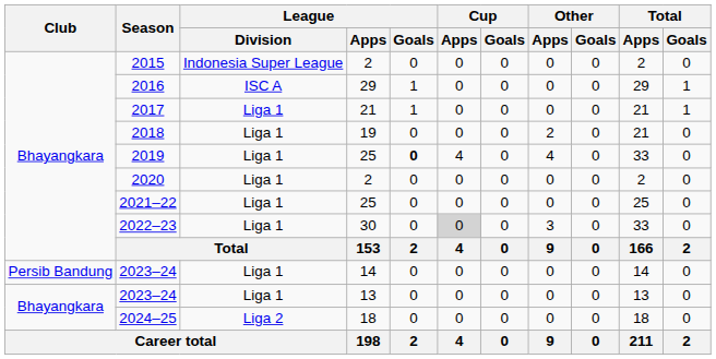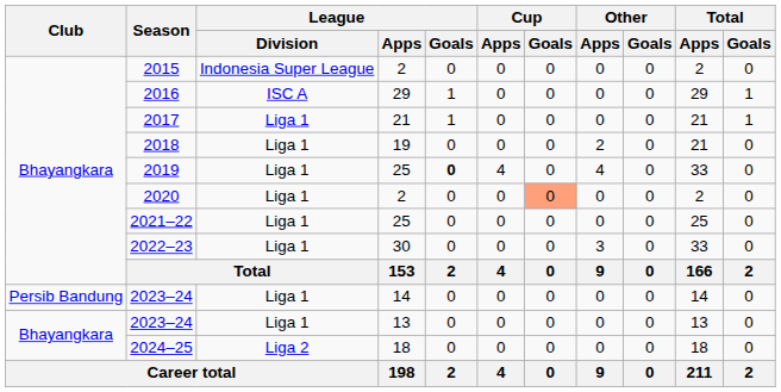 <table class="wikitable" style="text-align:center">
 <tr>
 <th rowspan="2">Club</th>
 <th rowspan="2">Season</th>
 <th colspan="3">League</th>
 <th colspan="2">Cup</th>
 <th colspan="2">Other</th>
 <th colspan="2">Total</th>
 </tr>
 <tr>
 <th>Division</th>
 <th>Apps</th>
 <th>Goals</th>
 <th>Apps</th>
 <th>Goals</th>
 <th>Apps</th>
 <th>Goals</th>
 <th>Apps</th>
 <th>Goals</th>
 </tr>
 <tr>
 <td rowspan="9" valign="center"><a href='#'>Bhayangkara</a></td>
 <td><a href='#'>2015</a></td>
 <td><a href='#'>Indonesia Super League</a></td>
 <td>2</td>
 <td>0</td>
 <td>0</td>
 <td>0</td>
 <td>0</td>
 <td>0</td>
 <td>2</td>
 <td>0</td>
 </tr>
 <tr>
 <td><a href='#'>2016</a></td>
 <td><a href='#'>ISC A</a></td>
 <td>29</td>
 <td>1</td>
 <td>0</td>
 <td>0</td>
 <td>0</td>
 <td>0</td>
 <td>29</td>
 <td>1</td>
 </tr>
 <tr>
 <td><a href='#'>2017</a></td>
 <td rowspan="1" valign="center"><a href='#'>Liga 1</a></td>
 <td>21</td>
 <td>1</td>
 <td>0</td>
 <td>0</td>
 <td>0</td>
 <td>0</td>
 <td>21</td>
 <td>1</td>
 </tr>
 <tr>
 <td><a href='#'>2018</a></td>
 <td rowspan="1" valign="center">Liga 1</td>
 <td>19</td>
 <td>0</td>
 <td>0</td>
 <td>0</td>
 <td>2</td>
 <td>0</td>
 <td>21</td>
 <td>0</td>
 </tr>
 <tr>
 <td><a href='#'>2019</a></td>
 <td rowspan="1" valign="center">Liga 1</td>
 <td>25</td>
 <td><strong>0</strong></td>
 <td>4</td>
 <td>0</td>
 <td>4</td>
 <td>0</td>
 <td>33</td>
 <td>0</td>
 </tr>
 <tr>
 <td><a href='#'>2020</a></td>
 <td rowspan="1" valign="center">Liga 1</td>
 <td>2</td>
 <td>0</td>
 <td>0</td>
-<td>0</td>
+<td style="background: lightsalmon;">0</td>
 <td>0</td>
 <td>0</td>
 <td>2</td>
 <td>0</td>
 </tr>
 <tr>
 <td><a href='#'>2021–22</a></td>
 <td rowspan="1" valign="center">Liga 1</td>
 <td>25</td>
 <td>0</td>
 <td>0</td>
 <td>0</td>
 <td>0</td>
 <td>0</td>
 <td>25</td>
 <td>0</td>
 </tr>
 <tr>
 <td><a href='#'>2022–23</a></td>
 <td rowspan="1" valign="center">Liga 1</td>
 <td>30</td>
 <td>0</td>
-<td style="background: lightgrey;">0</td>
+<td>0</td>
 <td>0</td>
 <td>3</td>
 <td>0</td>
 <td>33</td>
 <td>0</td>
 </tr>
 <tr>
 <th colspan="2">Total</th>
 <th>153</th>
 <th>2</th>
 <th>4</th>
 <th>0</th>
 <th>9</th>
 <th>0</th>
 <th>166</th>
 <th>2</th>
 </tr>
 <tr>
 <td rowspan="1"><a href='#'>Persib Bandung</a></td>
 <td><a href='#'>2023–24</a></td>
 <td rowspan="1">Liga 1</td>
 <td>14</td>
 <td>0</td>
 <td>0</td>
 <td>0</td>
 <td>0</td>
 <td>0</td>
 <td>14</td>
 <td>0</td>
 </tr>
 <tr>
 <td rowspan="2"><a href='#'>Bhayangkara</a></td>
 <td><a href='#'>2023–24</a></td>
 <td rowspan="1">Liga 1</td>
 <td>13</td>
 <td>0</td>
 <td>0</td>
 <td>0</td>
 <td>0</td>
 <td>0</td>
 <td>13</td>
 <td>0</td>
 </tr>
 <tr>
 <td><a href='#'>2024–25</a></td>
 <td><a href='#'>Liga 2</a></td>
 <td>18</td>
 <td>0</td>
 <td>0</td>
 <td>0</td>
 <td>0</td>
 <td>0</td>
 <td>18</td>
 <td>0</td>
 </tr>
 <tr>
 <th colspan="3">Career total</th>
 <th>198</th>
 <th>2</th>
 <th>4</th>
 <th>0</th>
 <th>9</th>
 <th>0</th>
 <th>211</th>
 <th>2</th>
 </tr>
 </table>
